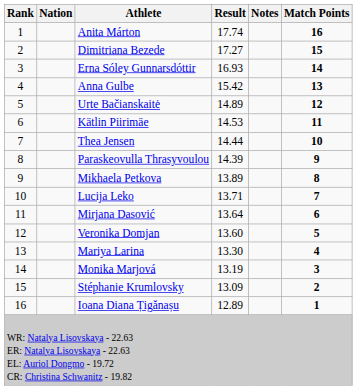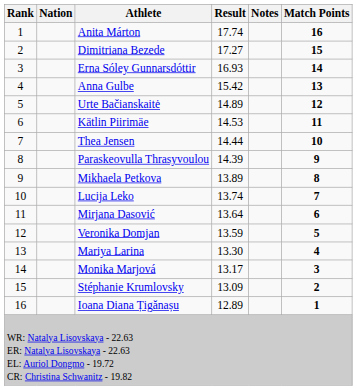 <table class="wikitable sortable" style="text-align:left;">
 <tr>
 <th>Rank</th>
 <th>Nation</th>
 <th>Athlete</th>
 <th>Result</th>
 <th>Notes</th>
 <th>Match Points</th>
 </tr>
 <tr>
 <td align=center>1</td>
 <td></td>
 <td><a href='#'>Anita Márton</a></td>
 <td align=center>17.74</td>
 <td></td>
 <td align=center><strong>16</strong></td>
 </tr>
 <tr>
 <td align=center>2</td>
 <td></td>
 <td><a href='#'>Dimitriana Bezede</a></td>
 <td align=center>17.27</td>
 <td></td>
 <td align=center><strong>15</strong></td>
 </tr>
 <tr>
 <td align=center>3</td>
 <td></td>
 <td><a href='#'>Erna Sóley Gunnarsdóttir</a></td>
 <td align=center>16.93</td>
 <td></td>
 <td align=center><strong>14</strong></td>
 </tr>
 <tr>
 <td align=center>4</td>
 <td></td>
 <td><a href='#'>Anna Gulbe</a></td>
 <td align=center>15.42</td>
 <td align=center></td>
 <td align=center><strong>13</strong></td>
 </tr>
 <tr>
 <td align=center>5</td>
 <td></td>
 <td><a href='#'>Urte Bačianskaitė</a></td>
 <td align=center>14.89</td>
 <td></td>
 <td align=center><strong>12</strong></td>
 </tr>
 <tr>
 <td align=center>6</td>
 <td></td>
 <td><a href='#'>Kätlin Piirimäe</a></td>
 <td align=center>14.53</td>
 <td></td>
 <td align=center><strong>11</strong></td>
 </tr>
 <tr>
 <td align=center>7</td>
 <td></td>
 <td><a href='#'>Thea Jensen</a></td>
 <td align=center>14.44</td>
 <td></td>
 <td align=center><strong>10</strong></td>
 </tr>
 <tr>
 <td align=center>8</td>
 <td></td>
 <td><a href='#'>Paraskeovulla Thrasyvoulou</a></td>
 <td align=center>14.39</td>
 <td></td>
 <td align=center><strong>9</strong></td>
 </tr>
 <tr>
 <td align=center>9</td>
 <td></td>
 <td><a href='#'>Mikhaela Petkova</a></td>
 <td align=center>13.89</td>
 <td></td>
 <td align=center><strong>8</strong></td>
 </tr>
 <tr>
 <td align=center>10</td>
 <td></td>
 <td><a href='#'>Lucija Leko</a></td>
-<td align=center>13.71</td>
+<td align=center>13.74</td>
 <td></td>
 <td align=center><strong>7</strong></td>
 </tr>
 <tr>
 <td align=center>11</td>
 <td></td>
 <td><a href='#'>Mirjana Dasović</a></td>
 <td align=center>13.64</td>
 <td></td>
 <td align=center><strong>6</strong></td>
 </tr>
 <tr>
 <td align=center>12</td>
 <td></td>
 <td><a href='#'>Veronika Domjan</a></td>
-<td align=center>13.60</td>
+<td align=center>13.59</td>
 <td align=center></td>
 <td align=center><strong>5</strong></td>
 </tr>
 <tr>
 <td align=center>13</td>
 <td></td>
 <td><a href='#'>Mariya Larina</a></td>
 <td align=center>13.30</td>
 <td></td>
 <td align=center><strong>4</strong></td>
 </tr>
 <tr>
 <td align=center>14</td>
 <td></td>
 <td><a href='#'>Monika Marjová</a></td>
-<td align=center>13.19</td>
+<td align=center>13.17</td>
 <td></td>
 <td align=center><strong>3</strong></td>
 </tr>
 <tr>
 <td align=center>15</td>
 <td></td>
 <td><a href='#'>Stéphanie Krumlovsky</a></td>
 <td align=center>13.09</td>
 <td></td>
 <td align=center><strong>2</strong></td>
 </tr>
 <tr>
 <td align=center>16</td>
 <td></td>
 <td><a href='#'>Ioana Diana Țigănașu</a></td>
 <td align=center>12.89</td>
 <td></td>
 <td align=center><strong>1</strong></td>
 </tr>
 <tr>
 <td colspan="6" bgcolor="#cccccc"><br> <small>WR:  <a href='#'>Natalya Lisovskaya</a> - 22.63<br>ER:  <a href='#'>Natalya Lisovskaya</a> - 22.63<br></small> <small>EL:   <a href='#'>Auriol Dongmo</a> - 19.72<br>CR:  <a href='#'>Christina Schwanitz</a> - 19.82</small></td>
 </tr>
 </table>
